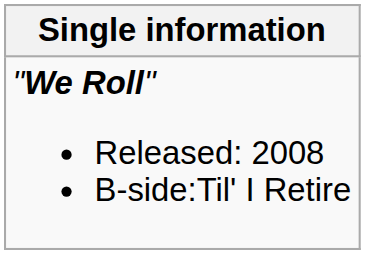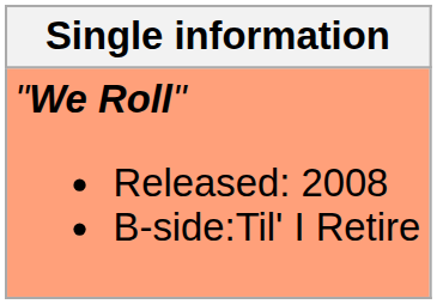 <table class="wikitable">
 <tr>
 <th>Single information</th>
 </tr>
 <tr>
-<td><em>"<strong>We Roll</strong>"</em><br><ul><li>Released: 2008</li><li>B-side:Til' I Retire</li></ul></td>
+<td style="background: lightsalmon;"><em>"<strong>We Roll</strong>"</em><br><ul><li>Released: 2008</li><li>B-side:Til' I Retire</li></ul></td>
 </tr>
 </table>
